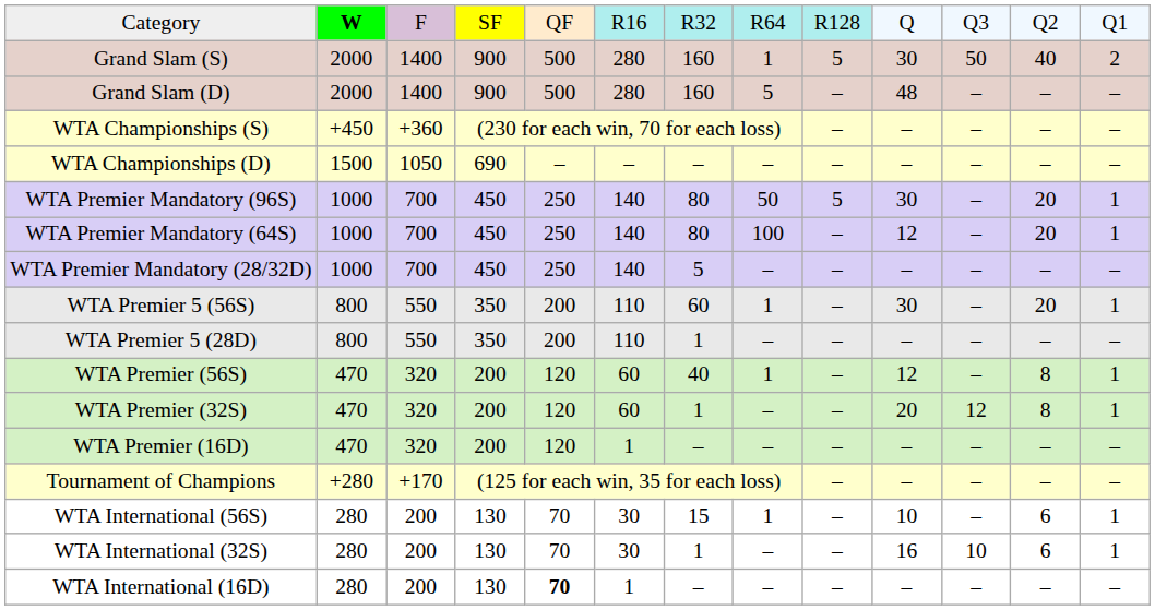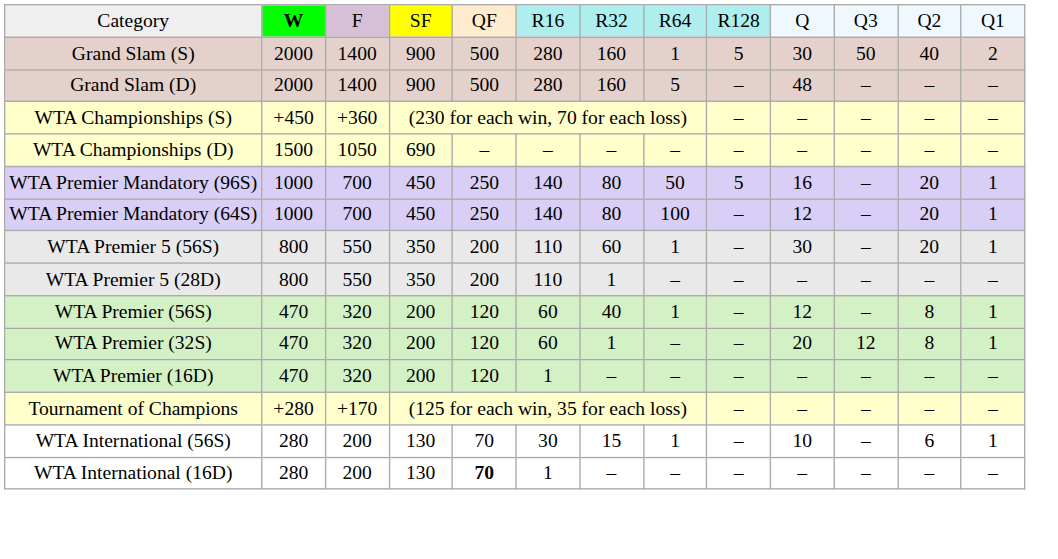 <table class="wikitable" style="font-size:90%">
 <tr align=center>
 <td bgcolor=#efefef>Category</td>
 <td width=40 bgcolor=lime><strong>W</strong></td>
 <td width=40 bgcolor=#D8BFD8>F</td>
 <td width=40 bgcolor=#FFFF00>SF</td>
 <td width=40 bgcolor=#ffebcd>QF</td>
 <td width=40 bgcolor=#afeeee>R16</td>
 <td width=40 bgcolor=#afeeee>R32</td>
 <td width=40 bgcolor=#afeeee>R64</td>
 <td width=40 bgcolor=#afeeee>R128</td>
 <td width=40 bgcolor=#F0F8FF>Q</td>
 <td width=40 bgcolor=#F0F8FF>Q3</td>
 <td width=40 bgcolor=#F0F8FF>Q2</td>
 <td width=40 bgcolor=#F0F8FF>Q1</td>
 </tr>
 <tr align=center bgcolor=#e5d1cb>
 <td>Grand Slam (S)</td>
 <td>2000</td>
 <td>1400</td>
 <td>900</td>
 <td>500</td>
 <td>280</td>
 <td>160</td>
 <td>1</td>
 <td>5</td>
 <td>30</td>
 <td>50</td>
 <td>40</td>
 <td>2</td>
 </tr>
 <tr align=center bgcolor=#e5d1cb>
 <td>Grand Slam (D)</td>
 <td>2000</td>
 <td>1400</td>
 <td>900</td>
 <td>500</td>
 <td>280</td>
 <td>160</td>
 <td>5</td>
 <td>–</td>
 <td>48</td>
 <td>–</td>
 <td>–</td>
 <td>–</td>
 </tr>
 <tr align=center bgcolor=#ffffcc>
 <td>WTA Championships (S)</td>
 <td>+450</td>
 <td>+360</td>
 <td colspan="5" style="text-align:center">(230 for each win, 70 for each loss)</td>
 <td>–</td>
 <td>–</td>
 <td>–</td>
 <td>–</td>
 <td>–</td>
 </tr>
 <tr align=center bgcolor=#ffffcc>
 <td>WTA Championships (D)</td>
 <td>1500</td>
 <td>1050</td>
 <td>690</td>
 <td>–</td>
 <td>–</td>
 <td>–</td>
 <td>–</td>
 <td>–</td>
 <td>–</td>
 <td>–</td>
 <td>–</td>
 <td>–</td>
 </tr>
 <tr align=center bgcolor=#D8CEF6>
 <td>WTA Premier Mandatory (96S)</td>
 <td>1000</td>
 <td>700</td>
 <td>450</td>
 <td>250</td>
 <td>140</td>
 <td>80</td>
 <td>50</td>
 <td>5</td>
-<td>30</td>
+<td>16</td>
 <td>–</td>
 <td>20</td>
 <td>1</td>
 </tr>
 <tr align=center bgcolor=#D8CEF6>
 <td>WTA Premier Mandatory (64S)</td>
 <td>1000</td>
 <td>700</td>
 <td>450</td>
 <td>250</td>
 <td>140</td>
 <td>80</td>
 <td>100</td>
 <td>–</td>
 <td>12</td>
 <td>–</td>
 <td>20</td>
 <td>1</td>
-</tr>
-<tr align=center bgcolor=#D8CEF6>
-<td>WTA Premier Mandatory (28/32D)</td>
-<td>1000</td>
-<td>700</td>
-<td>450</td>
-<td>250</td>
-<td>140</td>
-<td>5</td>
-<td>–</td>
-<td>–</td>
-<td>–</td>
-<td>–</td>
-<td>–</td>
-<td>–</td>
 </tr>
 <tr align=center bgcolor=#E9E9E9>
 <td>WTA Premier 5 (56S)</td>
 <td>800</td>
 <td>550</td>
 <td>350</td>
 <td>200</td>
 <td>110</td>
 <td>60</td>
 <td>1</td>
 <td>–</td>
 <td>30</td>
 <td>–</td>
 <td>20</td>
 <td>1</td>
 </tr>
 <tr align=center bgcolor=#E9E9E9>
 <td>WTA Premier 5 (28D)</td>
 <td>800</td>
 <td>550</td>
 <td>350</td>
 <td>200</td>
 <td>110</td>
 <td>1</td>
 <td>–</td>
 <td>–</td>
 <td>–</td>
 <td>–</td>
 <td>–</td>
 <td>–</td>
 </tr>
 <tr align=center bgcolor=#D4F1C5>
 <td>WTA Premier (56S)</td>
 <td>470</td>
 <td>320</td>
 <td>200</td>
 <td>120</td>
 <td>60</td>
 <td>40</td>
 <td>1</td>
 <td>–</td>
 <td>12</td>
 <td>–</td>
 <td>8</td>
 <td>1</td>
 </tr>
 <tr align=center bgcolor=#D4F1C5>
 <td>WTA Premier (32S)</td>
 <td>470</td>
 <td>320</td>
 <td>200</td>
 <td>120</td>
 <td>60</td>
 <td>1</td>
 <td>–</td>
 <td>–</td>
 <td>20</td>
 <td>12</td>
 <td>8</td>
 <td>1</td>
 </tr>
 <tr align=center bgcolor=#D4F1C5>
 <td>WTA Premier (16D)</td>
 <td>470</td>
 <td>320</td>
 <td>200</td>
 <td>120</td>
 <td>1</td>
 <td>–</td>
 <td>–</td>
 <td>–</td>
 <td>–</td>
 <td>–</td>
 <td>–</td>
 <td>–</td>
 </tr>
 <tr align=center bgcolor=#ffffcc>
 <td>Tournament of Champions</td>
 <td>+280</td>
 <td>+170</td>
 <td colspan="5" style="text-align:center">(125 for each win, 35 for each loss)</td>
 <td>–</td>
 <td>–</td>
 <td>–</td>
 <td>–</td>
 <td>–</td>
 </tr>
 <tr align=center bgcolor=#ffffff>
 <td>WTA International (56S)</td>
 <td>280</td>
 <td>200</td>
 <td>130</td>
 <td>70</td>
 <td>30</td>
 <td>15</td>
 <td>1</td>
 <td>–</td>
 <td>10</td>
 <td>–</td>
 <td>6</td>
 <td>1</td>
 </tr>
 <tr align=center bgcolor=#ffffff>
-<td>WTA International (32S)</td>
-<td>280</td>
-<td>200</td>
-<td>130</td>
-<td>70</td>
-<td>30</td>
-<td>1</td>
-<td>–</td>
-<td>–</td>
-<td>16</td>
-<td>10</td>
-<td>6</td>
-<td>1</td>
-</tr>
-<tr align=center bgcolor=#ffffff>
 <td>WTA International (16D)</td>
 <td>280</td>
 <td>200</td>
 <td>130</td>
 <td><strong>70</strong></td>
 <td>1</td>
 <td>–</td>
 <td>–</td>
 <td>–</td>
 <td>–</td>
 <td>–</td>
 <td>–</td>
 <td>–</td>
 </tr>
 </table>
